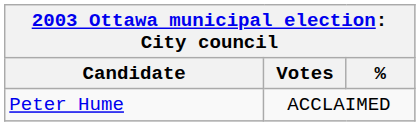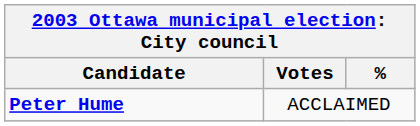 <table class="wikitable">
 <tr>
 <th colspan="3"><a href='#'>2003 Ottawa municipal election</a>: City council</th>
 </tr>
 <tr>
 <th style="width: 170px">Candidate</th>
 <th style="width: 50px">Votes</th>
 <th style="width: 40px">%</th>
 </tr>
 <tr>
-<td><a href='#'>Peter Hume</a></td>
+<td><strong><a href='#'>Peter Hume</a></strong></td>
 <td colspan="2" align="center">ACCLAIMED</td>
 </tr>
 </table>
